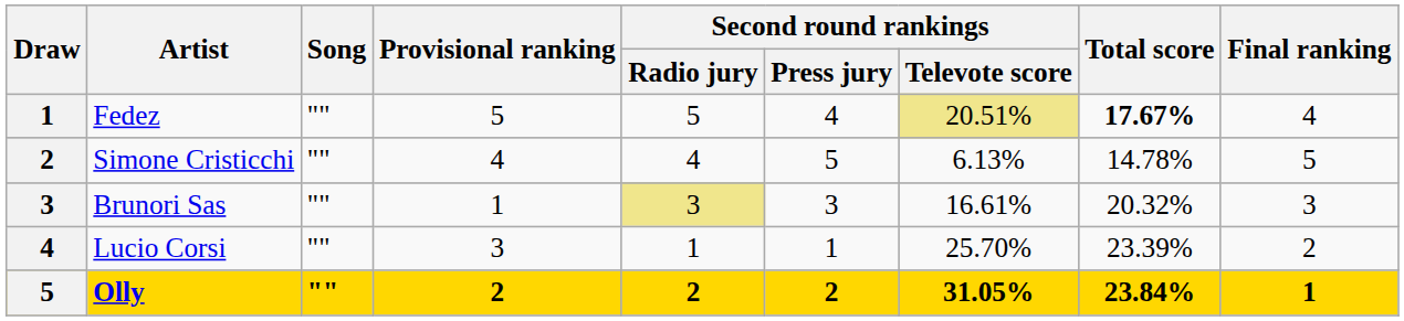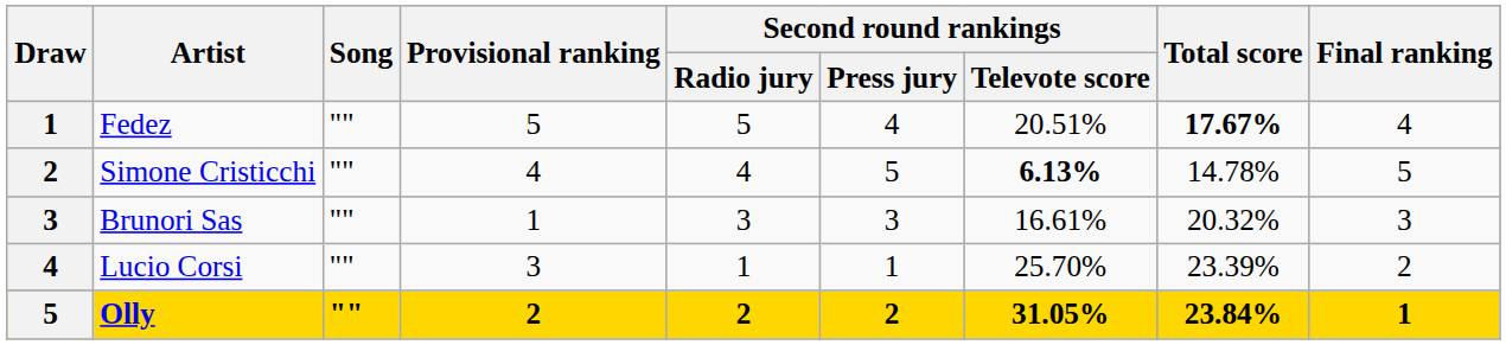 <table class="wikitable sortable plainrowheaders" style="margin: 1em auto 1em auto; text-align:center;">
 <tr>
 <th rowspan="2">Draw</th>
 <th rowspan="2">Artist</th>
 <th rowspan="2">Song</th>
 <th rowspan="2">Provisional ranking</th>
 <th colspan="3" class="unsortable">Second round rankings</th>
 <th rowspan="2">Total score</th>
 <th rowspan="2">Final ranking</th>
 </tr>
 <tr>
 <th>Radio jury</th>
 <th>Press jury</th>
 <th>Televote score</th>
 </tr>
 <tr>
 <th scope="row" style="text-align:center">1</th>
 <td align="left"><a href='#'>Fedez</a></td>
 <td align="left">""</td>
 <td>5</td>
 <td>5</td>
 <td>4</td>
-<td style="background: khaki;">20.51%</td>
+<td>20.51%</td>
 <td><strong>17.67%</strong></td>
 <td>4</td>
 </tr>
 <tr>
 <th scope="row" style="text-align:center">2</th>
 <td align="left"><a href='#'>Simone Cristicchi</a></td>
 <td align="left">""</td>
 <td>4</td>
 <td>4</td>
 <td>5</td>
-<td>6.13%</td>
+<td><strong>6.13%</strong></td>
 <td>14.78%</td>
 <td>5</td>
 </tr>
 <tr>
 <th scope="row" style="text-align:center">3</th>
 <td align="left"><a href='#'>Brunori Sas</a></td>
 <td align="left">""</td>
 <td>1</td>
-<td style="background: khaki;">3</td>
+<td>3</td>
 <td>3</td>
 <td>16.61%</td>
 <td>20.32%</td>
 <td>3</td>
 </tr>
 <tr>
 <th scope="row" style="text-align:center">4</th>
 <td align="left"><a href='#'>Lucio Corsi</a></td>
 <td align="left">""</td>
 <td>3</td>
 <td>1</td>
 <td>1</td>
 <td>25.70%</td>
 <td>23.39%</td>
 <td>2</td>
 </tr>
 <tr style="font-weight:bold; background:gold">
 <th scope="row" style="text-align:center;">5</th>
 <td align="left"><a href='#'>Olly</a></td>
 <td align="left">""</td>
 <td>2</td>
 <td>2</td>
 <td>2</td>
 <td>31.05%</td>
 <td>23.84%</td>
 <td>1</td>
 </tr>
 </table>
